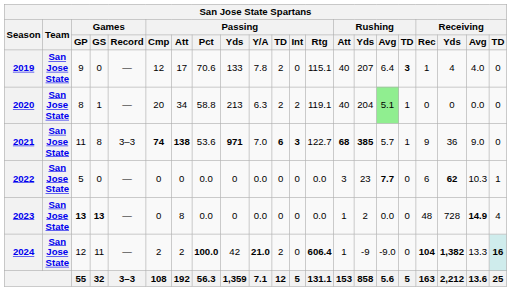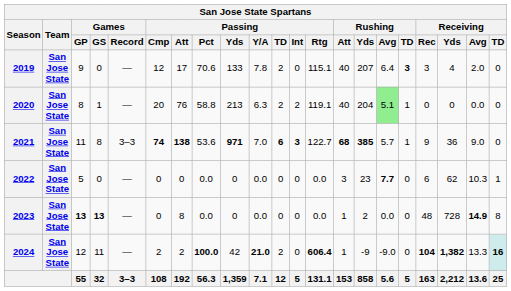 <table class=wikitable style="text-align:center;">
 <tr>
 <th colspan="23">San Jose State Spartans</th>
 </tr>
 <tr>
 <th rowspan="2">Season</th>
 <th rowspan="2">Team</th>
 <th colspan="3">Games</th>
 <th colspan="8">Passing</th>
 <th colspan="4">Rushing</th>
 <th colspan="4">Receiving</th>
 </tr>
 <tr>
 <th>GP</th>
 <th>GS</th>
 <th>Record</th>
 <th>Cmp</th>
 <th>Att</th>
 <th>Pct</th>
 <th>Yds</th>
 <th>Y/A</th>
 <th>TD</th>
 <th>Int</th>
 <th>Rtg</th>
 <th>Att</th>
 <th>Yds</th>
 <th>Avg</th>
 <th>TD</th>
 <th>Rec</th>
 <th>Yds</th>
 <th>Avg</th>
 <th>TD</th>
 </tr>
 <tr>
 <th><a href='#'>2019</a></th>
 <th><a href='#'>San Jose State</a></th>
 <td>9</td>
 <td>0</td>
 <td>—</td>
 <td>12</td>
 <td>17</td>
 <td>70.6</td>
 <td>133</td>
 <td>7.8</td>
 <td>2</td>
 <td>0</td>
 <td>115.1</td>
 <td>40</td>
 <td>207</td>
 <td>6.4</td>
 <td><strong>3</strong></td>
-<td>1</td>
+<td>3</td>
 <td>4</td>
-<td>4.0</td>
+<td>2.0</td>
 <td>0</td>
 </tr>
 <tr>
 <th><a href='#'>2020</a></th>
 <th><a href='#'>San Jose State</a></th>
 <td>8</td>
 <td>1</td>
 <td>—</td>
 <td>20</td>
-<td>34</td>
+<td>76</td>
 <td>58.8</td>
 <td>213</td>
 <td>6.3</td>
 <td>2</td>
 <td>2</td>
 <td>119.1</td>
 <td>40</td>
 <td>204</td>
 <td style="background: lightgreen;">5.1</td>
 <td>1</td>
 <td>0</td>
 <td>0</td>
 <td>0.0</td>
 <td>0</td>
 </tr>
 <tr>
 <th><a href='#'>2021</a></th>
 <th><a href='#'>San Jose State</a></th>
 <td>11</td>
 <td>8</td>
 <td>3–3</td>
 <td><strong>74</strong></td>
 <td><strong>138</strong></td>
 <td>53.6</td>
 <td><strong>971</strong></td>
 <td>7.0</td>
 <td><strong>6</strong></td>
 <td><strong>3</strong></td>
 <td>122.7</td>
 <td><strong>68</strong></td>
 <td><strong>385</strong></td>
 <td>5.7</td>
 <td>1</td>
 <td>9</td>
 <td>36</td>
 <td>9.0</td>
 <td>0</td>
 </tr>
 <tr>
 <th><a href='#'>2022</a></th>
 <th><a href='#'>San Jose State</a></th>
 <td>5</td>
 <td>0</td>
 <td>—</td>
 <td>0</td>
 <td>0</td>
 <td>0.0</td>
 <td>0</td>
 <td>0.0</td>
 <td>0</td>
 <td>0</td>
 <td>0.0</td>
 <td>3</td>
 <td>23</td>
 <td><strong>7.7</strong></td>
 <td>0</td>
 <td>6</td>
-<td><strong>62</strong></td>
+<td>62</td>
 <td>10.3</td>
 <td>1</td>
 </tr>
 <tr>
 <th><a href='#'>2023</a></th>
 <th><a href='#'>San Jose State</a></th>
 <td><strong>13</strong></td>
 <td><strong>13</strong></td>
 <td>—</td>
 <td>0</td>
 <td>8</td>
 <td>0.0</td>
 <td>0</td>
 <td>0.0</td>
 <td>0</td>
 <td>0</td>
 <td>0.0</td>
 <td>1</td>
 <td>2</td>
 <td>0.0</td>
 <td>0</td>
 <td>48</td>
 <td>728</td>
 <td><strong>14.9</strong></td>
-<td>4</td>
+<td>8</td>
 </tr>
 <tr>
 <th><a href='#'>2024</a></th>
 <th><a href='#'>San Jose State</a></th>
 <td>12</td>
 <td>11</td>
 <td>—</td>
 <td>2</td>
 <td>2</td>
 <td><strong>100.0</strong></td>
 <td>42</td>
 <td><strong>21.0</strong></td>
 <td>2</td>
 <td>0</td>
 <td><strong>606.4</strong></td>
 <td>1</td>
 <td>-9</td>
 <td>-9.0</td>
 <td>0</td>
 <td><strong>104</strong></td>
 <td><strong>1,382</strong></td>
 <td>13.3</td>
 <td style="background:#cfecec;"><strong>16</strong></td>
 </tr>
 <tr>
 <th colspan="2"></th>
 <th>55</th>
 <th>32</th>
 <th>3–3</th>
 <th>108</th>
 <th>192</th>
 <th>56.3</th>
 <th>1,359</th>
 <th>7.1</th>
 <th>12</th>
 <th>5</th>
 <th>131.1</th>
 <th>153</th>
 <th>858</th>
 <th>5.6</th>
 <th>5</th>
 <th>163</th>
 <th>2,212</th>
 <th>13.6</th>
 <th>25</th>
 </tr>
 </table>
